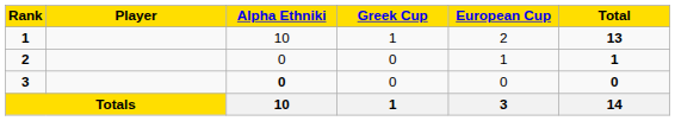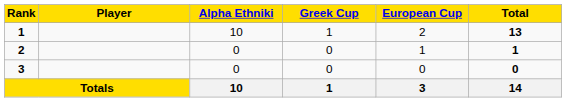 <table class="wikitable sortable" style="text-align:center">
 <tr>
 <th style="background:#FFDE00">Rank</th>
 <th width=200 style="background:#FFDE00">Player</th>
 <th width=120 style="background:#FFDE00"><a href='#'>Alpha Ethniki</a></th>
 <th width=120 style="background:#FFDE00"><a href='#'>Greek Cup</a></th>
 <th width=120 style="background:#FFDE00"><a href='#'>European Cup</a></th>
 <th width=120 style="background:#FFDE00">Total</th>
 </tr>
 <tr>
 <td><strong>1</strong></td>
 <td align=left></td>
 <td>10</td>
 <td>1</td>
 <td>2</td>
 <td><strong>13</strong></td>
 </tr>
 <tr>
 <td><strong>2</strong></td>
 <td align=left></td>
 <td>0</td>
 <td>0</td>
 <td>1</td>
 <td><strong>1</strong></td>
 </tr>
 <tr>
 <td><strong>3</strong></td>
 <td align=left></td>
-<td><strong>0</strong></td>
+<td>0</td>
 <td>0</td>
 <td>0</td>
 <td><strong>0</strong></td>
 </tr>
 <tr class="sortbottom">
 <th colspan=2 style="background:#FFDE00"><strong>Totals</strong></th>
 <th><strong>10</strong></th>
 <th><strong> 1</strong></th>
 <th><strong> 3</strong></th>
 <th><strong>14</strong></th>
 </tr>
 </table>
